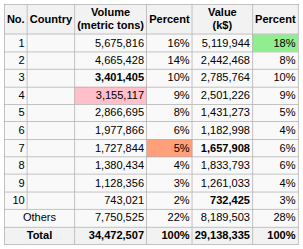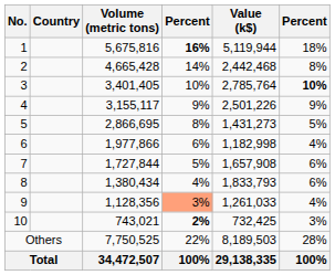 <table class="wikitable sortable" style="text-align:right;">
 <tr>
 <th>No.</th>
 <th>Country</th>
 <th>Volume<br>(metric tons)</th>
 <th>Percent</th>
 <th>Value<br>(k$)</th>
 <th>Percent</th>
 </tr>
 <tr>
 <td>1</td>
 <td style="text-align:left;"></td>
 <td>5,675,816</td>
-<td>16%</td>
+<td><strong>16%</strong></td>
 <td>5,119,944</td>
-<td style="background: lightgreen;">18%</td>
+<td>18%</td>
 </tr>
 <tr>
 <td>2</td>
 <td style="text-align:left;"></td>
 <td>4,665,428</td>
 <td>14%</td>
 <td>2,442,468</td>
 <td>8%</td>
 </tr>
 <tr>
 <td>3</td>
 <td style="text-align:left;"></td>
-<td><strong>3,401,405</strong></td>
+<td>3,401,405</td>
 <td>10%</td>
 <td>2,785,764</td>
-<td>10%</td>
+<td><strong>10%</strong></td>
 </tr>
 <tr>
 <td>4</td>
 <td style="text-align:left;"></td>
-<td style="background: pink;">3,155,117</td>
+<td>3,155,117</td>
 <td>9%</td>
 <td>2,501,226</td>
 <td>9%</td>
 </tr>
 <tr>
 <td>5</td>
 <td style="text-align:left;"></td>
 <td>2,866,695</td>
 <td>8%</td>
 <td>1,431,273</td>
 <td>5%</td>
 </tr>
 <tr>
 <td>6</td>
 <td style="text-align:left;"></td>
 <td>1,977,866</td>
 <td>6%</td>
 <td>1,182,998</td>
 <td>4%</td>
 </tr>
 <tr>
 <td>7</td>
 <td style="text-align:left;"></td>
 <td>1,727,844</td>
-<td style="background: lightsalmon;">5%</td>
-<td><strong>1,657,908</strong></td>
+<td>5%</td>
+<td>1,657,908</td>
 <td>6%</td>
 </tr>
 <tr>
 <td>8</td>
 <td style="text-align:left;"></td>
 <td>1,380,434</td>
 <td>4%</td>
 <td>1,833,793</td>
 <td>6%</td>
 </tr>
 <tr>
 <td>9</td>
 <td style="text-align:left;"></td>
 <td>1,128,356</td>
-<td>3%</td>
+<td style="background: lightsalmon;">3%</td>
 <td>1,261,033</td>
 <td>4%</td>
 </tr>
 <tr>
 <td>10</td>
 <td style="text-align:left;"></td>
 <td>743,021</td>
-<td>2%</td>
-<td><strong>732,425</strong></td>
+<td><strong>2%</strong></td>
+<td>732,425</td>
 <td>3%</td>
 </tr>
 <tr>
 <td colspan="2" style="text-align:center;">Others</td>
 <td>7,750,525</td>
 <td>22%</td>
 <td>8,189,503</td>
 <td>28%</td>
 </tr>
 <tr>
 <th colspan="2" style="text-align:center;">Total</th>
 <th style="text-align:right;">34,472,507</th>
 <th style="text-align:right;">100%</th>
 <th>29,138,335</th>
 <th style="text-align:right;">100%</th>
 </tr>
 </table>
